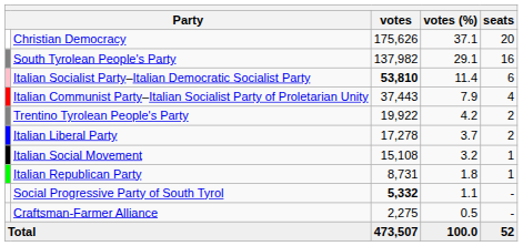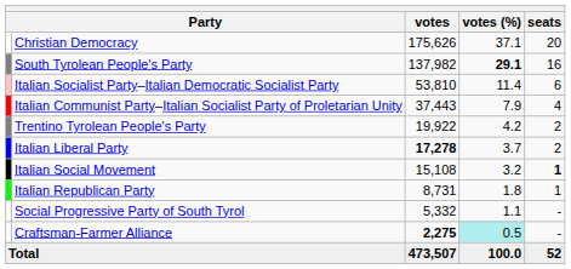 <table class="wikitable" style="font-size:95%; text-align:right;">
 <tr>
 <th colspan=5></th>
 </tr>
 <tr>
 <th colspan=2>Party</th>
 <th>votes</th>
 <th>votes (%)</th>
 <th>seats</th>
 </tr>
 <tr>
 <td bgcolor=White></td>
 <td align=left><a href='#'>Christian Democracy</a></td>
 <td>175,626</td>
 <td>37.1</td>
 <td>20</td>
 </tr>
 <tr>
 <td bgcolor=Gray></td>
 <td align=left><a href='#'>South Tyrolean People's Party</a></td>
 <td>137,982</td>
-<td>29.1</td>
+<td><strong>29.1</strong></td>
 <td>16</td>
 </tr>
 <tr>
 <td bgcolor=Pink></td>
 <td align=left><a href='#'>Italian Socialist Party</a>–<a href='#'>Italian Democratic Socialist Party</a></td>
-<td><strong>53,810</strong></td>
+<td>53,810</td>
 <td>11.4</td>
 <td>6</td>
 </tr>
 <tr>
 <td bgcolor=Red></td>
 <td align=left><a href='#'>Italian Communist Party</a>–<a href='#'>Italian Socialist Party of Proletarian Unity</a></td>
 <td>37,443</td>
 <td>7.9</td>
 <td>4</td>
 </tr>
 <tr>
 <td bgcolor=Gray></td>
 <td align=left><a href='#'>Trentino Tyrolean People's Party</a></td>
 <td>19,922</td>
 <td>4.2</td>
 <td>2</td>
 </tr>
 <tr>
 <td bgcolor=Blue></td>
 <td align=left><a href='#'>Italian Liberal Party</a></td>
-<td>17,278</td>
+<td><strong>17,278</strong></td>
 <td>3.7</td>
 <td>2</td>
 </tr>
 <tr>
 <td bgcolor=Black></td>
 <td align=left><a href='#'>Italian Social Movement</a></td>
 <td>15,108</td>
 <td>3.2</td>
-<td>1</td>
+<td><strong>1</strong></td>
 </tr>
 <tr>
 <td bgcolor=Lime></td>
 <td align=left><a href='#'>Italian Republican Party</a></td>
 <td>8,731</td>
 <td>1.8</td>
 <td>1</td>
 </tr>
 <tr>
 <td bgcolor=></td>
 <td align=left><a href='#'>Social Progressive Party of South Tyrol</a></td>
-<td><strong>5,332</strong></td>
+<td>5,332</td>
 <td>1.1</td>
 <td>-</td>
 </tr>
 <tr>
 <td bgcolor=></td>
 <td align=left><a href='#'>Craftsman-Farmer Alliance</a></td>
-<td>2,275</td>
-<td>0.5</td>
+<td><strong>2,275</strong></td>
+<td style="background: paleturquoise;">0.5</td>
 <td>-</td>
 </tr>
 <tr bgcolor="EFEFEF">
 <td align=left colspan=2><strong>Total</strong></td>
 <td><strong>473,507</strong></td>
 <td><strong>100.0</strong></td>
 <td><strong>52</strong></td>
 </tr>
 </table>
